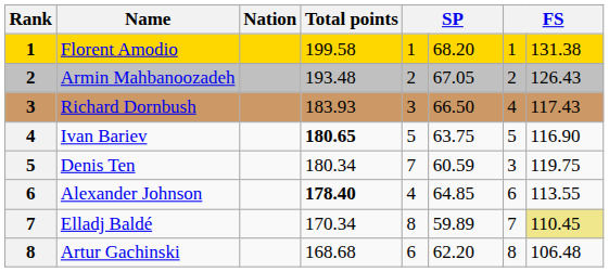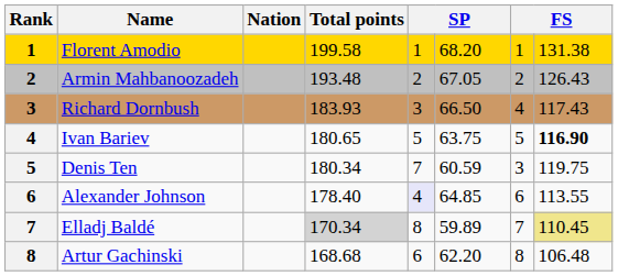 <table class="wikitable">
 <tr>
 <th>Rank</th>
 <th>Name</th>
 <th>Nation</th>
 <th>Total points</th>
 <th colspan="2" width="80px"><a href='#'>SP</a></th>
 <th colspan="2" width="80px"><a href='#'>FS</a></th>
 </tr>
 <tr bgcolor="gold">
 <td align="center"><strong>1</strong></td>
 <td><a href='#'>Florent Amodio</a></td>
 <td></td>
 <td>199.58</td>
 <td>1</td>
 <td>68.20</td>
 <td>1</td>
 <td>131.38</td>
 </tr>
 <tr bgcolor="silver">
 <td align="center"><strong>2</strong></td>
 <td><a href='#'>Armin Mahbanoozadeh</a></td>
 <td></td>
 <td>193.48</td>
 <td>2</td>
 <td>67.05</td>
 <td>2</td>
 <td>126.43</td>
 </tr>
 <tr bgcolor="cc9966">
 <td align="center"><strong>3</strong></td>
 <td><a href='#'>Richard Dornbush</a></td>
 <td></td>
 <td>183.93</td>
 <td>3</td>
 <td>66.50</td>
 <td>4</td>
 <td>117.43</td>
 </tr>
 <tr>
 <th>4</th>
 <td><a href='#'>Ivan Bariev</a></td>
 <td></td>
-<td><strong>180.65</strong></td>
+<td>180.65</td>
 <td>5</td>
 <td>63.75</td>
 <td>5</td>
-<td>116.90</td>
+<td><strong>116.90</strong></td>
 </tr>
 <tr>
 <th>5</th>
 <td><a href='#'>Denis Ten</a></td>
 <td></td>
 <td>180.34</td>
 <td>7</td>
 <td>60.59</td>
 <td>3</td>
 <td>119.75</td>
 </tr>
 <tr>
 <th>6</th>
 <td><a href='#'>Alexander Johnson</a></td>
 <td></td>
-<td><strong>178.40</strong></td>
-<td>4</td>
+<td>178.40</td>
+<td style="background: lavender;">4</td>
 <td>64.85</td>
 <td>6</td>
 <td>113.55</td>
 </tr>
 <tr>
 <th>7</th>
 <td><a href='#'>Elladj Baldé</a></td>
 <td></td>
-<td>170.34</td>
+<td style="background: lightgrey;">170.34</td>
 <td>8</td>
 <td>59.89</td>
 <td>7</td>
 <td style="background: khaki;">110.45</td>
 </tr>
 <tr>
 <th>8</th>
 <td><a href='#'>Artur Gachinski</a></td>
 <td></td>
 <td>168.68</td>
 <td>6</td>
 <td>62.20</td>
 <td>8</td>
 <td>106.48</td>
 </tr>
 </table>
